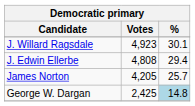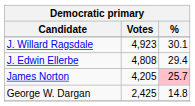 <table class="wikitable" align="left" style="margin: 1em 1em 1em 0; font-size: 95%;">
 <tr>
 <th colspan="3">Democratic primary</th>
 </tr>
 <tr>
 <th colspan="1" style="width: 170px">Candidate</th>
 <th style="width: 50px">Votes</th>
 <th style="width: 40px">%</th>
 </tr>
 <tr>
 </tr>
 <tr>
 <td><a href='#'>J. Willard Ragsdale</a></td>
 <td align="right">4,923</td>
 <td align="right">30.1</td>
 </tr>
 <tr>
 <td><a href='#'>J. Edwin Ellerbe</a></td>
 <td align="right">4,808</td>
 <td align="right">29.4</td>
 </tr>
 <tr>
 <td><a href='#'>James Norton</a></td>
 <td align="right">4,205</td>
-<td align="right">25.7</td>
+<td align="right" style="background: pink;">25.7</td>
 </tr>
 <tr>
 <td>George W. Dargan</td>
 <td align="right">2,425</td>
-<td align="right" style="background: lightblue;">14.8</td>
+<td align="right">14.8</td>
 </tr>
 <tr>
 </tr>
 </table>
